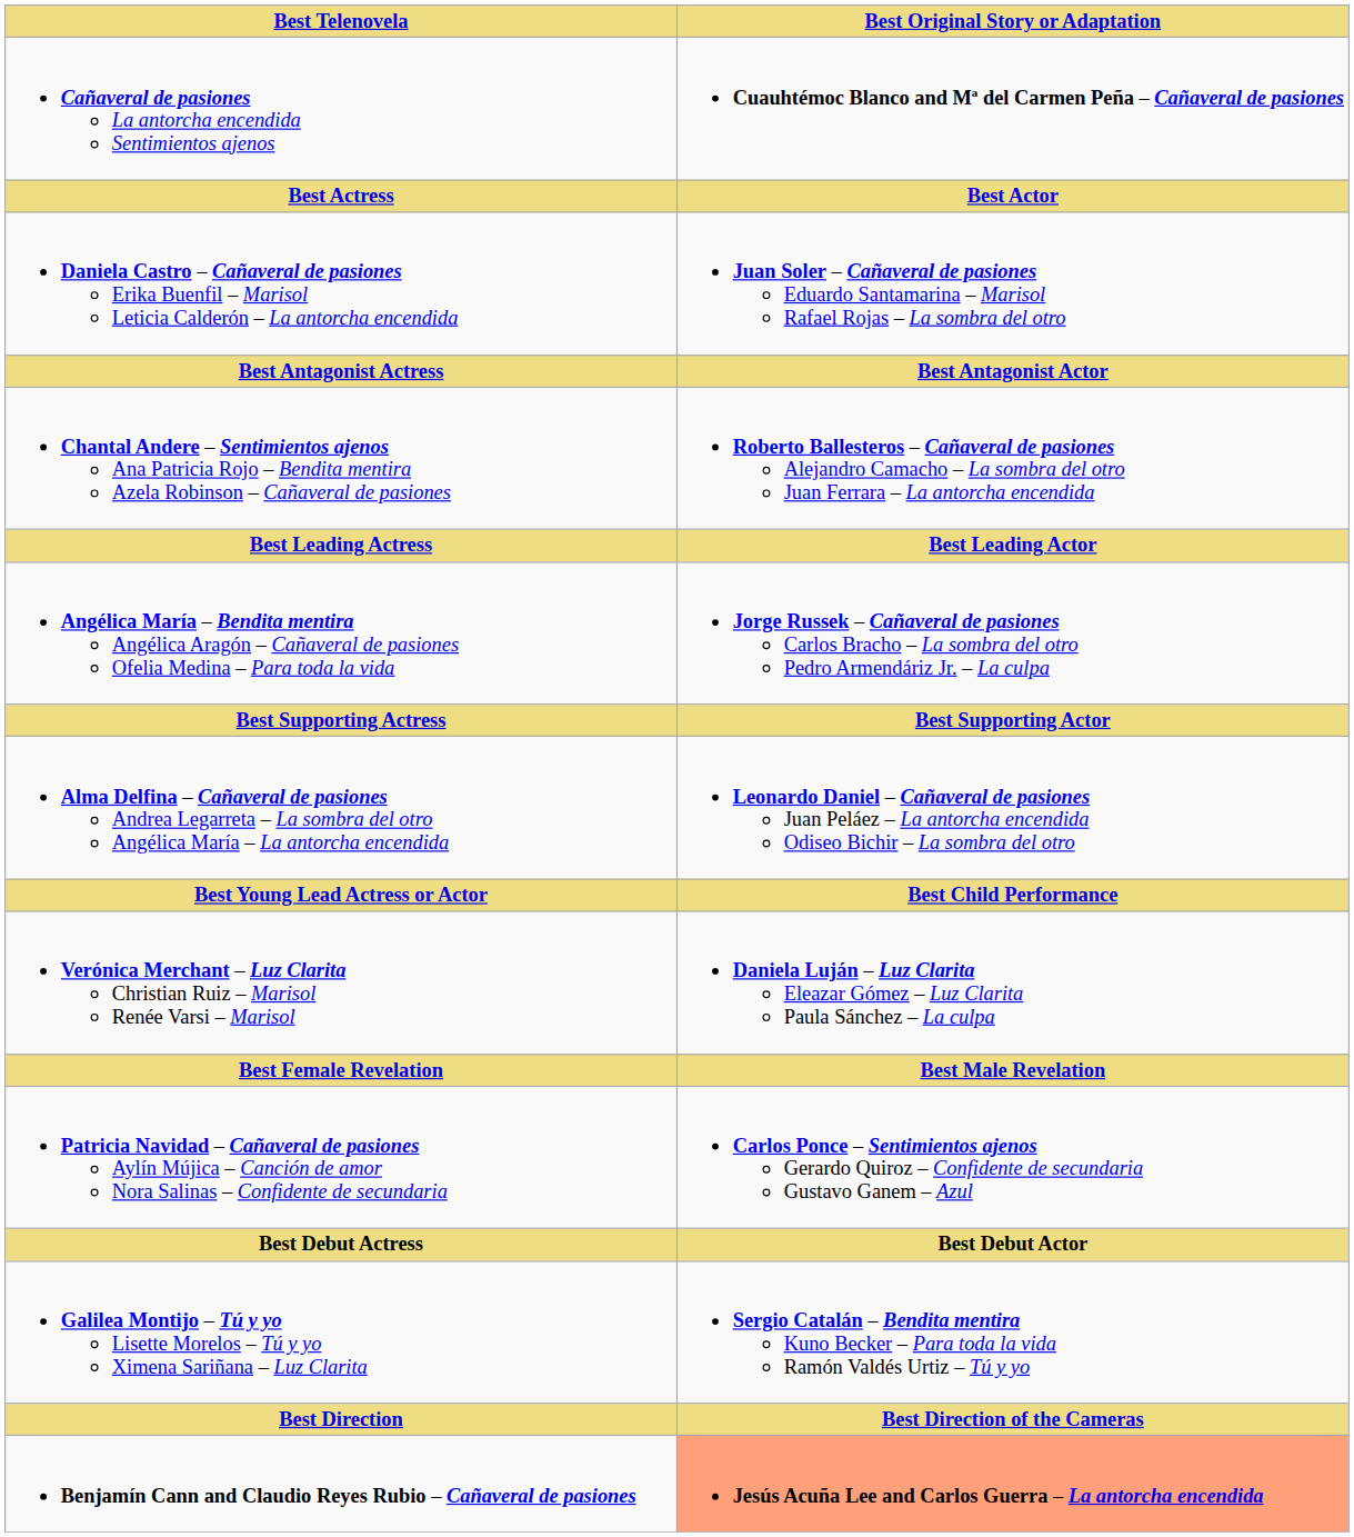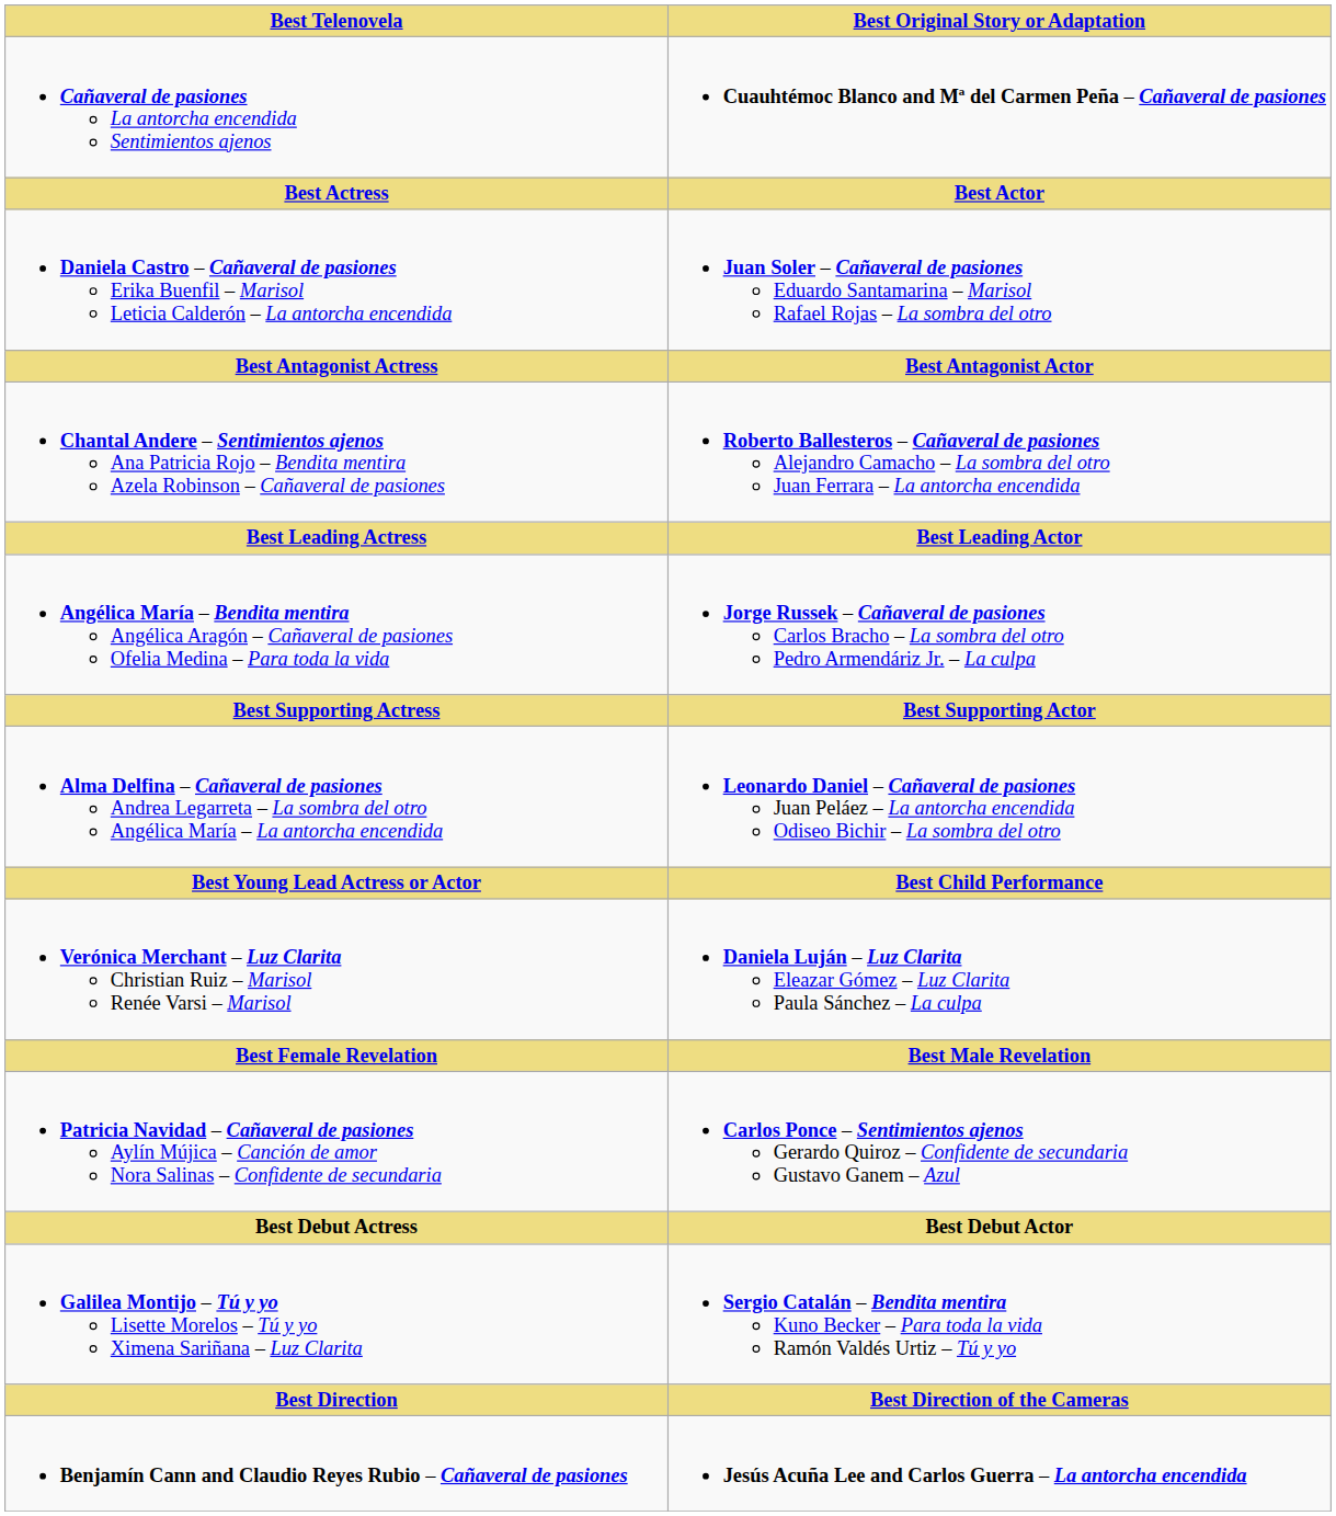 <table class="wikitable">
 <tr>
 <th style="background:#EEDD82; width:50%"><a href='#'>Best Telenovela</a></th>
 <th style="background:#EEDD82; width:50%"><a href='#'>Best Original Story or Adaptation</a></th>
 </tr>
 <tr>
 <td valign="top"><br><ul><li><strong><em><a href='#'>Cañaveral de pasiones</a></em></strong><ul><li><em><a href='#'>La antorcha encendida</a></em></li><li><em><a href='#'>Sentimientos ajenos</a></em></li></ul></li></ul></td>
 <td valign="top"><br><ul><li><strong>Cuauhtémoc Blanco and Mª del Carmen Peña</strong> – <strong><em><a href='#'>Cañaveral de pasiones</a></em></strong></li></ul></td>
 </tr>
 <tr>
 <th style="background:#EEDD82; width:50%"><a href='#'>Best Actress</a></th>
 <th style="background:#EEDD82; width:50%"><a href='#'>Best Actor</a></th>
 </tr>
 <tr>
 <td valign="top"><br><ul><li><strong><a href='#'>Daniela Castro</a></strong> – <strong><em><a href='#'>Cañaveral de pasiones</a></em></strong><ul><li><a href='#'>Erika Buenfil</a> – <em><a href='#'>Marisol</a></em></li><li><a href='#'>Leticia Calderón</a> – <em><a href='#'>La antorcha encendida</a></em></li></ul></li></ul></td>
 <td valign="top"><br><ul><li><strong><a href='#'>Juan Soler</a></strong> – <strong><em><a href='#'>Cañaveral de pasiones</a></em></strong><ul><li><a href='#'>Eduardo Santamarina</a> – <em><a href='#'>Marisol</a></em></li><li><a href='#'>Rafael Rojas</a> – <em><a href='#'>La sombra del otro</a></em></li></ul></li></ul></td>
 </tr>
 <tr>
 <th style="background:#EEDD82; width:50%"><a href='#'>Best Antagonist Actress</a></th>
 <th style="background:#EEDD82; width:50%"><a href='#'>Best Antagonist Actor</a></th>
 </tr>
 <tr>
 <td valign="top"><br><ul><li><strong><a href='#'>Chantal Andere</a></strong> – <strong><em><a href='#'>Sentimientos ajenos</a></em></strong><ul><li><a href='#'>Ana Patricia Rojo</a> – <em><a href='#'>Bendita mentira</a></em></li><li><a href='#'>Azela Robinson</a> – <em><a href='#'>Cañaveral de pasiones</a></em></li></ul></li></ul></td>
 <td valign="top"><br><ul><li><strong><a href='#'>Roberto Ballesteros</a></strong> – <strong><em><a href='#'>Cañaveral de pasiones</a></em></strong><ul><li><a href='#'>Alejandro Camacho</a> – <em><a href='#'>La sombra del otro</a></em></li><li><a href='#'>Juan Ferrara</a> – <em><a href='#'>La antorcha encendida</a></em></li></ul></li></ul></td>
 </tr>
 <tr>
 <th style="background:#EEDD82; width:50%"><a href='#'>Best Leading Actress</a></th>
 <th style="background:#EEDD82; width:50%"><a href='#'>Best Leading Actor</a></th>
 </tr>
 <tr>
 <td valign="top"><br><ul><li><strong><a href='#'>Angélica María</a></strong> – <strong><em><a href='#'>Bendita mentira</a></em></strong><ul><li><a href='#'>Angélica Aragón</a> – <em><a href='#'>Cañaveral de pasiones</a></em></li><li><a href='#'>Ofelia Medina</a> – <em><a href='#'>Para toda la vida</a></em></li></ul></li></ul></td>
 <td valign="top"><br><ul><li><strong><a href='#'>Jorge Russek</a></strong> – <strong><em><a href='#'>Cañaveral de pasiones</a></em></strong><ul><li><a href='#'>Carlos Bracho</a>  – <em><a href='#'>La sombra del otro</a></em></li><li><a href='#'>Pedro Armendáriz Jr.</a>  – <em><a href='#'>La culpa</a></em></li></ul></li></ul></td>
 </tr>
 <tr>
 <th style="background:#EEDD82; width:50%"><a href='#'>Best Supporting Actress</a></th>
 <th style="background:#EEDD82; width:50%"><a href='#'>Best Supporting Actor</a></th>
 </tr>
 <tr>
 <td valign="top"><br><ul><li><strong><a href='#'>Alma Delfina</a></strong> – <strong><em><a href='#'>Cañaveral de pasiones</a></em></strong><ul><li><a href='#'>Andrea Legarreta</a>  – <em><a href='#'>La sombra del otro</a></em></li><li><a href='#'>Angélica María</a> – <em><a href='#'>La antorcha encendida</a></em></li></ul></li></ul></td>
 <td valign="top"><br><ul><li><strong><a href='#'>Leonardo Daniel</a></strong> – <strong><em><a href='#'>Cañaveral de pasiones</a></em></strong><ul><li>Juan Peláez – <em><a href='#'>La antorcha encendida</a></em></li><li><a href='#'>Odiseo Bichir</a>  – <em><a href='#'>La sombra del otro</a></em></li></ul></li></ul></td>
 </tr>
 <tr>
 <th style="background:#EEDD82; width:50%"><a href='#'>Best Young Lead Actress or Actor</a></th>
 <th style="background:#EEDD82; width:50%"><a href='#'>Best Child Performance</a></th>
 </tr>
 <tr>
 <td valign="top"><br><ul><li><strong><a href='#'>Verónica Merchant</a></strong> – <strong><em><a href='#'>Luz Clarita</a></em></strong><ul><li>Christian Ruiz  – <em><a href='#'>Marisol</a></em></li><li>Renée Varsi – <em><a href='#'>Marisol</a></em></li></ul></li></ul></td>
 <td valign="top"><br><ul><li><strong><a href='#'>Daniela Luján</a></strong> – <strong><em><a href='#'>Luz Clarita</a></em></strong><ul><li><a href='#'>Eleazar Gómez</a>  – <em><a href='#'>Luz Clarita</a></em></li><li>Paula Sánchez – <em><a href='#'>La culpa</a></em></li></ul></li></ul></td>
 </tr>
 <tr>
 <th style="background:#EEDD82; width:50%"><a href='#'>Best Female Revelation</a></th>
 <th style="background:#EEDD82; width:50%"><a href='#'>Best Male Revelation</a></th>
 </tr>
 <tr>
 <td valign="top"><br><ul><li><strong><a href='#'>Patricia Navidad</a></strong> – <strong><em><a href='#'>Cañaveral de pasiones</a></em></strong><ul><li><a href='#'>Aylín Mújica</a>  – <em><a href='#'>Canción de amor</a></em></li><li><a href='#'>Nora Salinas</a> – <em><a href='#'>Confidente de secundaria</a></em></li></ul></li></ul></td>
 <td valign="top"><br><ul><li><strong><a href='#'>Carlos Ponce</a></strong> – <strong><em><a href='#'>Sentimientos ajenos</a></em></strong><ul><li>Gerardo Quiroz  – <em><a href='#'>Confidente de secundaria</a></em></li><li>Gustavo Ganem – <em><a href='#'>Azul</a></em></li></ul></li></ul></td>
 </tr>
 <tr>
 <th style="background:#EEDD82; width:50%">Best Debut Actress</th>
 <th style="background:#EEDD82; width:50%">Best Debut Actor</th>
 </tr>
 <tr>
 <td valign="top"><br><ul><li><strong><a href='#'>Galilea Montijo</a></strong> – <strong><em><a href='#'>Tú y yo</a></em></strong><ul><li><a href='#'>Lisette Morelos</a>  – <em><a href='#'>Tú y yo</a></em></li><li><a href='#'>Ximena Sariñana</a> – <em><a href='#'>Luz Clarita</a></em></li></ul></li></ul></td>
 <td valign="top"><br><ul><li><strong><a href='#'>Sergio Catalán</a></strong> – <strong><em><a href='#'>Bendita mentira</a></em></strong><ul><li><a href='#'>Kuno Becker</a>  – <em><a href='#'>Para toda la vida</a></em></li><li>Ramón Valdés Urtiz – <em><a href='#'>Tú y yo</a></em></li></ul></li></ul></td>
 </tr>
 <tr>
 <th style="background:#EEDD82; width:50%"><a href='#'>Best Direction</a></th>
 <th style="background:#EEDD82; width:50%"><a href='#'>Best Direction of the Cameras</a></th>
 </tr>
 <tr>
 <td valign="top"><br><ul><li><strong>Benjamín Cann and Claudio Reyes Rubio</strong> – <strong><em><a href='#'>Cañaveral de pasiones</a></em></strong></li></ul></td>
-<td valign="top" style="background: lightsalmon;"><br><ul><li><strong>Jesús Acuña Lee and Carlos Guerra</strong> – <strong><em><a href='#'>La antorcha encendida</a></em></strong></li></ul></td>
+<td valign="top"><br><ul><li><strong>Jesús Acuña Lee and Carlos Guerra</strong> – <strong><em><a href='#'>La antorcha encendida</a></em></strong></li></ul></td>
 </tr>
 </table>
